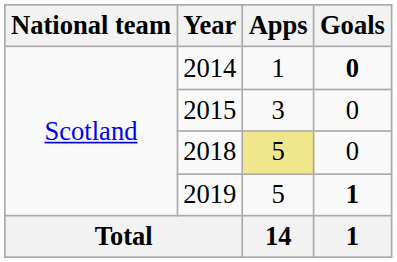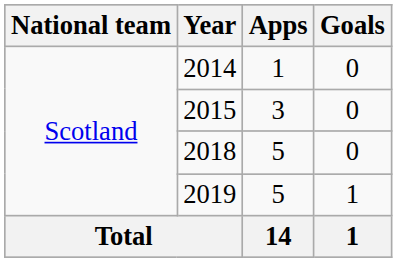 <table class="wikitable" style="text-align: center;">
 <tr>
 <th>National team</th>
 <th>Year</th>
 <th>Apps</th>
 <th>Goals</th>
 </tr>
 <tr>
 <td rowspan="4"><a href='#'>Scotland</a></td>
 <td>2014</td>
 <td>1</td>
-<td><strong>0</strong></td>
+<td>0</td>
 </tr>
 <tr>
 <td>2015</td>
 <td>3</td>
 <td>0</td>
 </tr>
 <tr>
 <td>2018</td>
-<td style="background: khaki;">5</td>
+<td>5</td>
 <td>0</td>
 </tr>
 <tr>
 <td>2019</td>
 <td>5</td>
-<td><strong>1</strong></td>
+<td>1</td>
 </tr>
 <tr>
 <th colspan="2">Total</th>
 <th>14</th>
 <th>1</th>
 </tr>
 </table>
